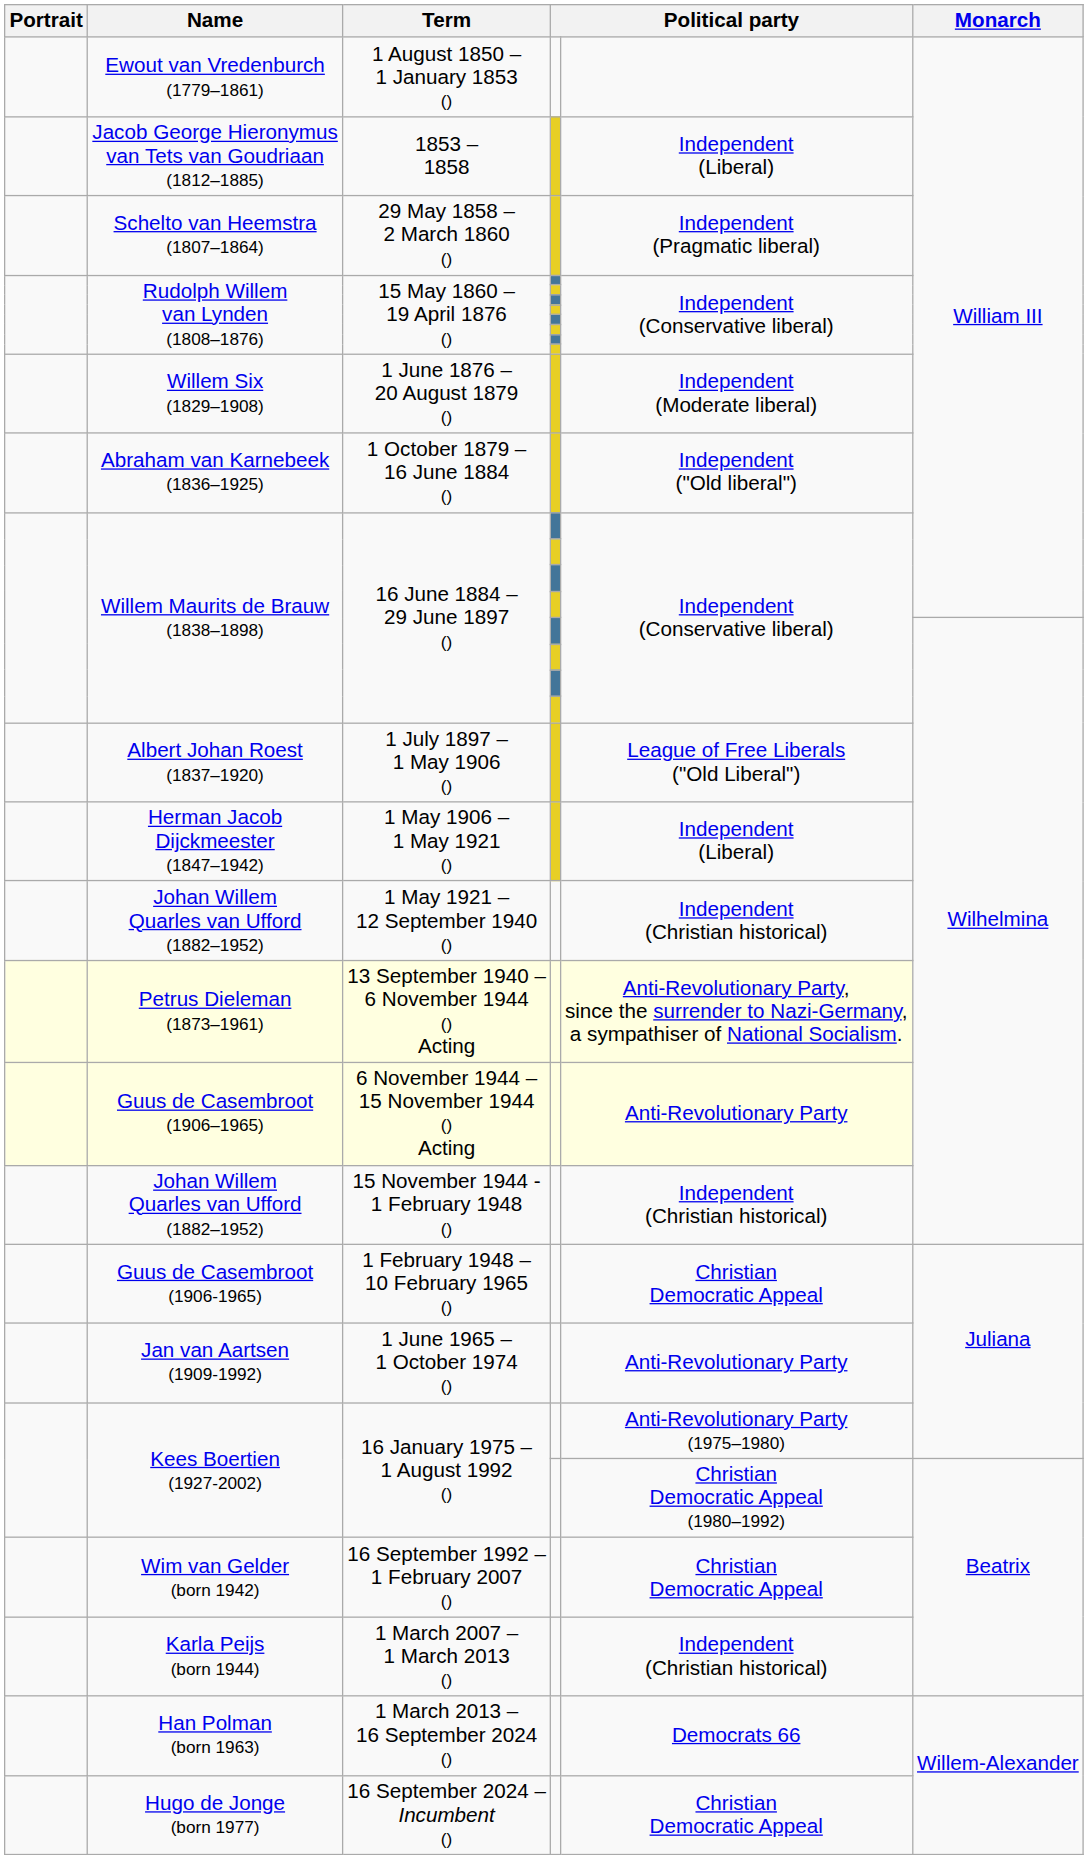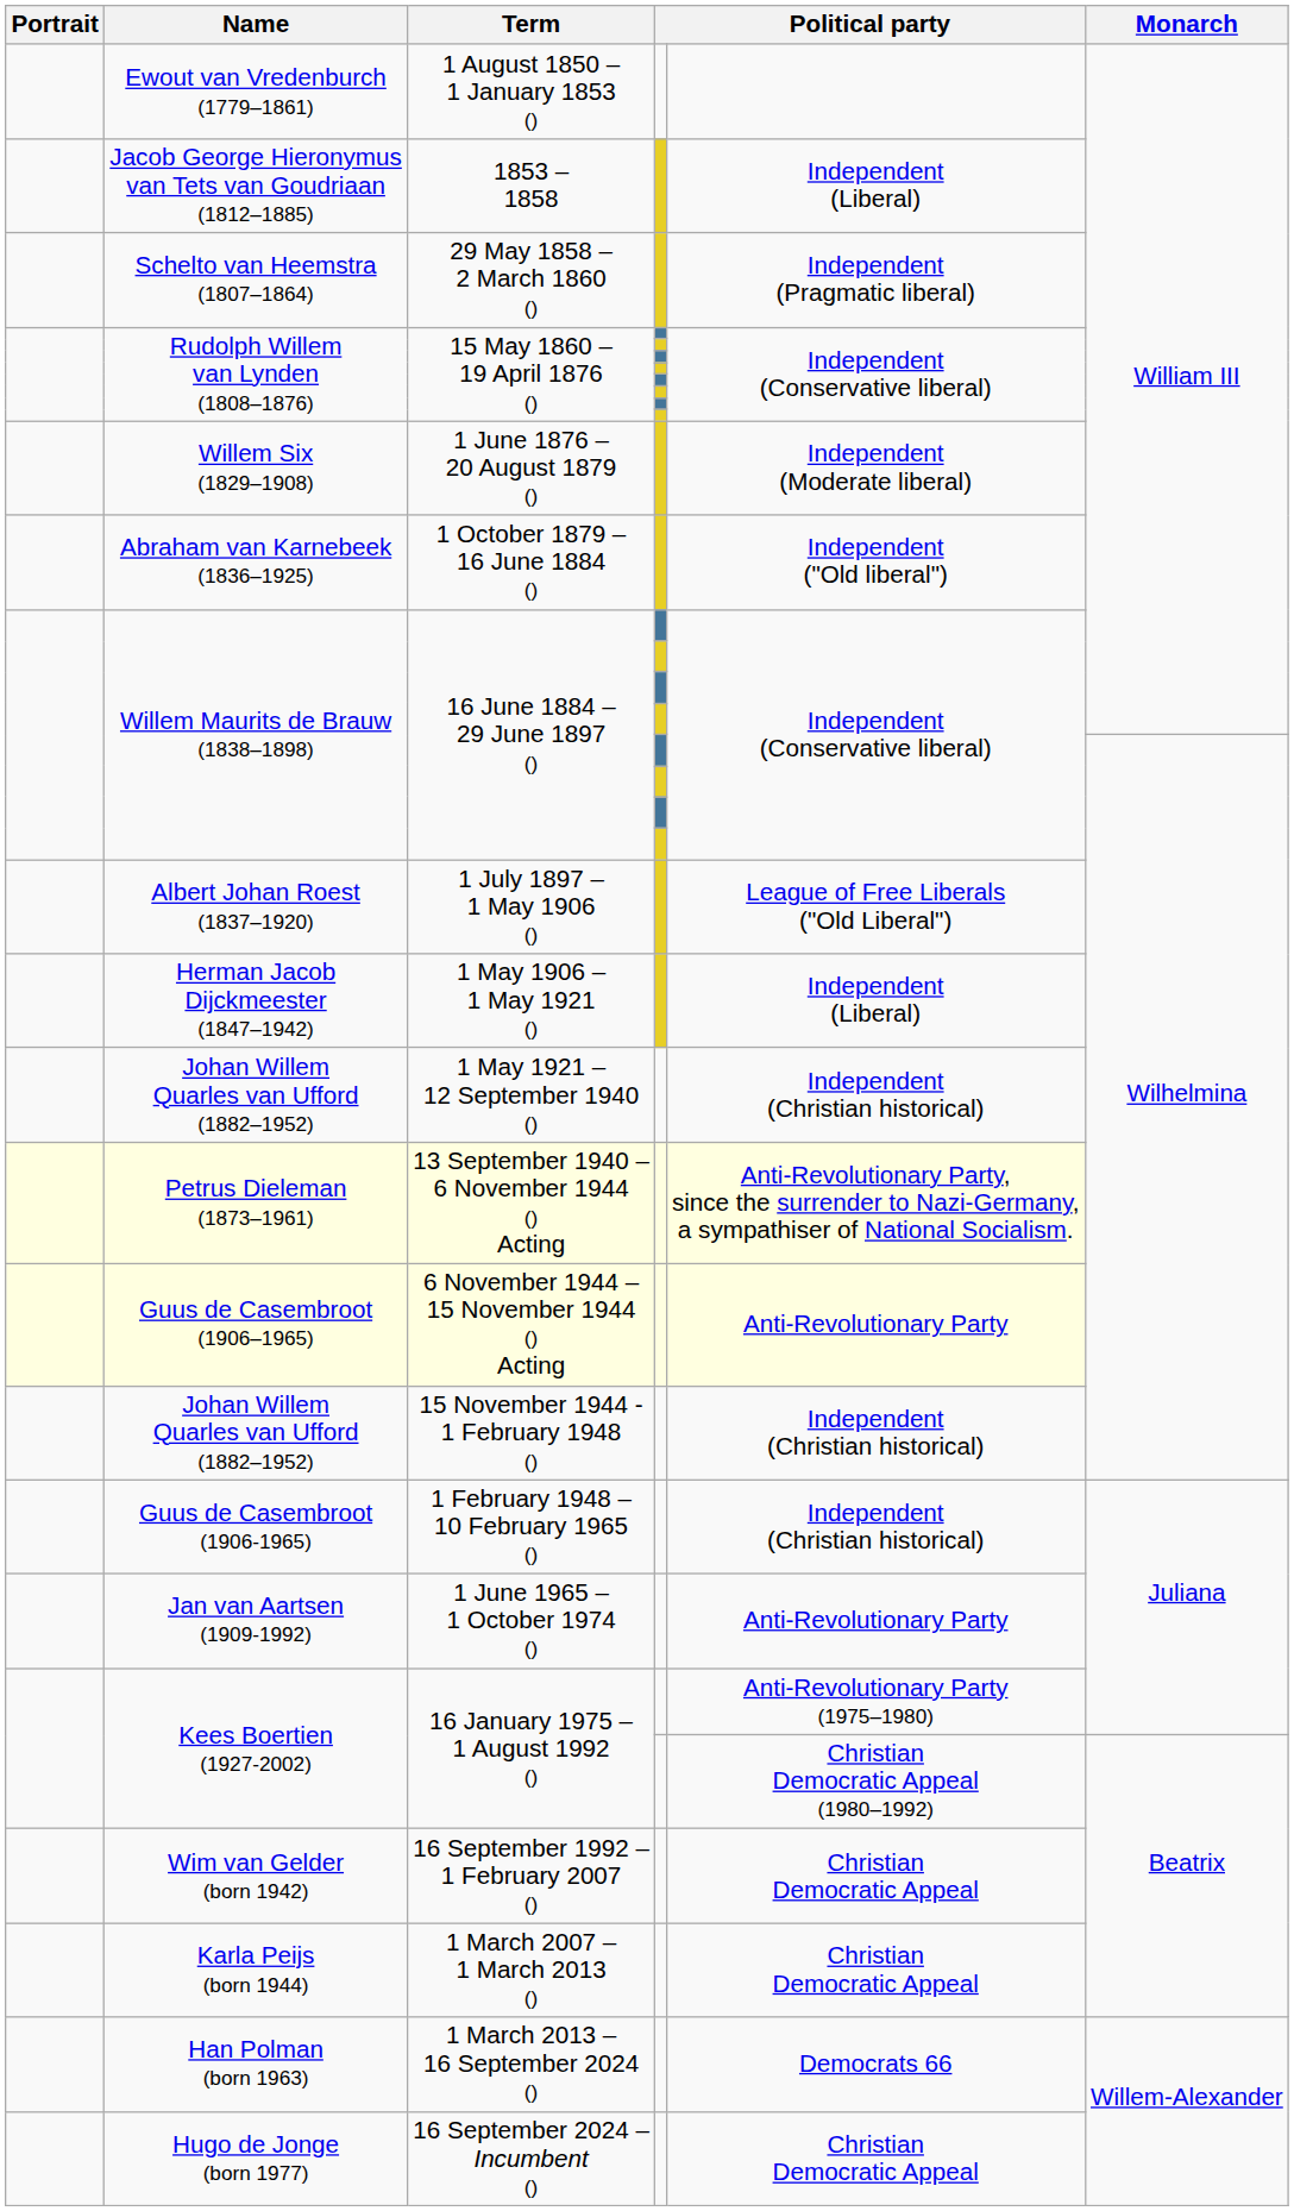 <table class="wikitable" style="text-align: center;">
 <tr>
 <th>Portrait</th>
 <th>Name<br></th>
 <th>Term</th>
 <th colspan=2>Political party</th>
 <th><a href='#'>Monarch</a></th>
 </tr>
 <tr>
 <td></td>
 <td><a href='#'>Ewout van Vredenburch</a> <br> <small>(1779–1861)</small></td>
 <td>1 August 1850 – <br> 1 January 1853<br> <small>()</small></td>
 <td style="background:"></td>
 <td></td>
 <td rowspan=17><a href='#'>William III</a><br><br></td>
 </tr>
 <tr>
 <td></td>
 <td><a href='#'>Jacob George Hieronymus<br>van Tets van Goudriaan</a> <br> <small>(1812–1885)</small></td>
 <td>1853 – <br> 1858<br> <small></small></td>
 <td style="background:#e7cf25"></td>
 <td><a href='#'>Independent</a><br>(Liberal)</td>
 </tr>
 <tr>
 <td></td>
 <td><a href='#'>Schelto van Heemstra</a> <br> <small>(1807–1864)</small></td>
 <td>29 May 1858 – <br> 2 March 1860<br> <small>()</small></td>
 <td style="background:#e7cf25"></td>
 <td><a href='#'>Independent</a><br>(Pragmatic liberal)</td>
 </tr>
 <tr>
 <td rowspan=8></td>
 <td rowspan=8><a href='#'>Rudolph Willem<br>van Lynden</a> <br> <small>(1808–1876)</small></td>
 <td rowspan=8>15 May 1860 – <br> 19 April 1876<br> <small>()</small></td>
 <td style="background:#437599"></td>
 <td rowspan=8><a href='#'>Independent</a><br>(Conservative liberal)</td>
 </tr>
 <tr>
 <th style="background:#e7cf25"></th>
 </tr>
 <tr>
 <th style="background:#437599"></th>
 </tr>
 <tr>
 <th style="background:#e7cf25"></th>
 </tr>
 <tr>
 <th style="background:#437599"></th>
 </tr>
 <tr>
 <th style="background:#e7cf25"></th>
 </tr>
 <tr>
 <th style="background:#437599"></th>
 </tr>
 <tr>
 <th style="background:#e7cf25"></th>
 </tr>
 <tr>
 <td></td>
 <td><a href='#'>Willem Six</a> <br> <small>(1829–1908)</small></td>
 <td>1 June 1876 – <br> 20 August 1879<br> <small>()</small></td>
 <td style="background:#e7cf25"></td>
 <td><a href='#'>Independent</a><br>(Moderate liberal)</td>
 </tr>
 <tr>
 <td></td>
 <td><a href='#'>Abraham van Karnebeek</a> <br> <small>(1836–1925)</small></td>
 <td>1 October 1879 – <br> 16 June 1884<br> <small>()</small></td>
 <td style="background:#e7cf25"></td>
 <td><a href='#'>Independent</a><br>("Old liberal")</td>
 </tr>
 <tr>
 <td rowspan=8></td>
 <td rowspan=8><a href='#'>Willem Maurits de Brauw</a> <br> <small>(1838–1898)</small></td>
 <td rowspan=8>16 June 1884 – <br> 29 June 1897<br> <small>()</small></td>
 <td height=13px style="background:#437599"></td>
 <td rowspan=8><a href='#'>Independent</a><br>(Conservative liberal)</td>
 </tr>
 <tr>
 <th height=13px style="background:#e7cf25"></th>
 </tr>
 <tr>
 <th height=13px style="background:#437599"></th>
 </tr>
 <tr>
 <th height=13px style="background:#e7cf25"></th>
 </tr>
 <tr>
 <th height=13px style="background:#437599"></th>
 <td rowspan=10><a href='#'>Wilhelmina</a><br><br></td>
 </tr>
 <tr>
 <th height=13px style="background:#e7cf25"></th>
 </tr>
 <tr>
 <th height=13px style="background:#437599"></th>
 </tr>
 <tr>
 <th height=13px style="background:#e7cf25"></th>
 </tr>
 <tr>
 <td></td>
 <td><a href='#'>Albert Johan Roest</a> <br> <small>(1837–1920)</small></td>
 <td>1 July 1897 – <br> 1 May 1906<br> <small>()</small></td>
 <td style="background:#e7cf25"></td>
 <td><a href='#'>League of Free Liberals</a><br>("Old Liberal")</td>
 </tr>
 <tr>
 <td></td>
 <td><a href='#'>Herman Jacob<br>Dijckmeester</a> <br> <small>(1847–1942)</small></td>
 <td>1 May 1906 – <br> 1 May 1921<br> <small>()</small></td>
 <td style="background:#e7cf25"></td>
 <td><a href='#'>Independent</a><br>(Liberal)</td>
 </tr>
 <tr>
 <td></td>
 <td><a href='#'>Johan Willem<br>Quarles van Ufford</a> <br> <small>(1882–1952)</small></td>
 <td>1 May 1921 – <br> 12 September 1940<br> <small>()</small> <br></td>
 <td style="background:"></td>
 <td><a href='#'>Independent</a><br>(Christian historical)</td>
 </tr>
 <tr style="background:lightyellow">
 <td></td>
 <td><a href='#'>Petrus Dieleman</a> <br> <small>(1873–1961)</small></td>
 <td>13 September 1940 – <br> 6 November 1944<br> <small>()</small> <br>Acting</td>
 <td style="background:"></td>
 <td><a href='#'>Anti-Revolutionary Party</a>,<br>since the <a href='#'>surrender to Nazi-Germany</a>,<br>a sympathiser of <a href='#'>National Socialism</a>.</td>
 </tr>
 <tr style="background:lightyellow">
 <td></td>
 <td><a href='#'>Guus de Casembroot</a> <br> <small>(1906–1965)</small></td>
 <td>6 November 1944 – <br> 15 November 1944 <br> <small>()</small> <br> Acting</td>
 <td style="background:"></td>
 <td><a href='#'>Anti-Revolutionary Party</a></td>
 </tr>
 <tr>
 <td></td>
 <td><a href='#'>Johan Willem<br>Quarles van Ufford</a> <br> <small>(1882–1952)</small></td>
 <td>15 November 1944 - <br> 1 February 1948 <br> <small>()</small> <br> </td>
 <td style="background:"></td>
 <td><a href='#'>Independent</a><br>(Christian historical)</td>
 </tr>
 <tr>
 <td></td>
 <td><a href='#'>Guus de Casembroot</a> <br> <small>(1906-1965)</small></td>
 <td>1 February 1948 – <br> 10 February 1965 <br> <small>()</small> <br> </td>
 <td style="background:"></td>
-<td><a href='#'>Christian <br> Democratic Appeal</a></td>
+<td><a href='#'>Independent</a><br>(Christian historical)</td>
 <td rowspan=3><a href='#'>Juliana</a><br><br></td>
 </tr>
 <tr>
 <td></td>
 <td><a href='#'>Jan van Aartsen</a> <br> <small>(1909-1992)</small></td>
 <td>1 June 1965 – <br> 1 October 1974 <br> <small>()</small></td>
 <td style="background:"></td>
 <td><a href='#'>Anti-Revolutionary Party</a></td>
 </tr>
 <tr>
 <td rowspan=2></td>
 <td rowspan=2><a href='#'>Kees Boertien</a> <br> <small>(1927-2002)</small></td>
 <td rowspan=2>16 January 1975 – <br> 1 August 1992 <br> <small>()</small></td>
 <td style="background:"></td>
 <td><a href='#'>Anti-Revolutionary Party</a> <br> <small>(1975–1980)</small></td>
 </tr>
 <tr>
 <td style="background:"></td>
 <td><a href='#'>Christian <br> Democratic Appeal</a> <br> <small>(1980–1992)</small></td>
 <td rowspan=3><a href='#'>Beatrix</a><br><br></td>
 </tr>
 <tr>
 <td></td>
 <td><a href='#'>Wim van Gelder</a> <br> <small>(born 1942)</small></td>
 <td>16 September 1992 – <br> 1 February 2007 <br> <small>()</small></td>
 <td style="background:"></td>
 <td><a href='#'>Christian <br> Democratic Appeal</a></td>
 </tr>
 <tr>
 <td></td>
 <td><a href='#'>Karla Peijs</a> <br> <small>(born 1944)</small></td>
 <td>1 March 2007 – <br> 1 March 2013 <br> <small>()</small></td>
 <td style="background:"></td>
-<td><a href='#'>Independent</a><br>(Christian historical)</td>
+<td><a href='#'>Christian <br> Democratic Appeal</a></td>
 </tr>
 <tr>
 <td></td>
 <td><a href='#'>Han Polman</a> <br> <small>(born 1963)</small></td>
 <td>1 March 2013 – <br> 16 September 2024 <br> <small>()</small></td>
 <td style="background:"></td>
 <td><a href='#'>Democrats 66</a></td>
 <td rowspan=2><a href='#'>Willem-Alexander</a><br><br></td>
 </tr>
 <tr>
 <td></td>
 <td><a href='#'>Hugo de Jonge</a> <br> <small>(born 1977)</small></td>
 <td>16 September 2024 – <br> <em>Incumbent</em> <br> <small>()</small></td>
 <td style="background:"></td>
 <td><a href='#'>Christian <br> Democratic Appeal</a></td>
 </tr>
 </table>
